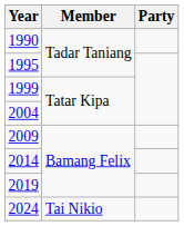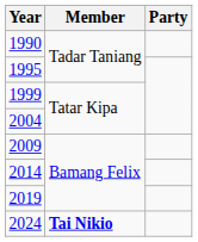 <table class="wikitable sortable">
 <tr>
 <th>Year</th>
 <th>Member</th>
 <th colspan=2>Party</th>
 </tr>
 <tr>
 <td><a href='#'>1990</a></td>
 <td rowspan=2>Tadar Taniang</td>
 <td></td>
 </tr>
 <tr>
 <td><a href='#'>1995</a></td>
 </tr>
 <tr>
 <td><a href='#'>1999</a></td>
 <td rowspan=2>Tatar Kipa</td>
 </tr>
 <tr>
 <td><a href='#'>2004</a></td>
 </tr>
 <tr>
 <td><a href='#'>2009</a></td>
 <td rowspan=3><a href='#'>Bamang Felix</a></td>
 <td></td>
 </tr>
 <tr>
 <td><a href='#'>2014</a></td>
 <td></td>
 </tr>
 <tr>
 <td><a href='#'>2019</a></td>
 <td></td>
 </tr>
 <tr>
 <td><a href='#'>2024</a></td>
-<td><a href='#'>Tai Nikio</a></td>
+<td><strong><a href='#'>Tai Nikio</a></strong></td>
 </tr>
 </table>
